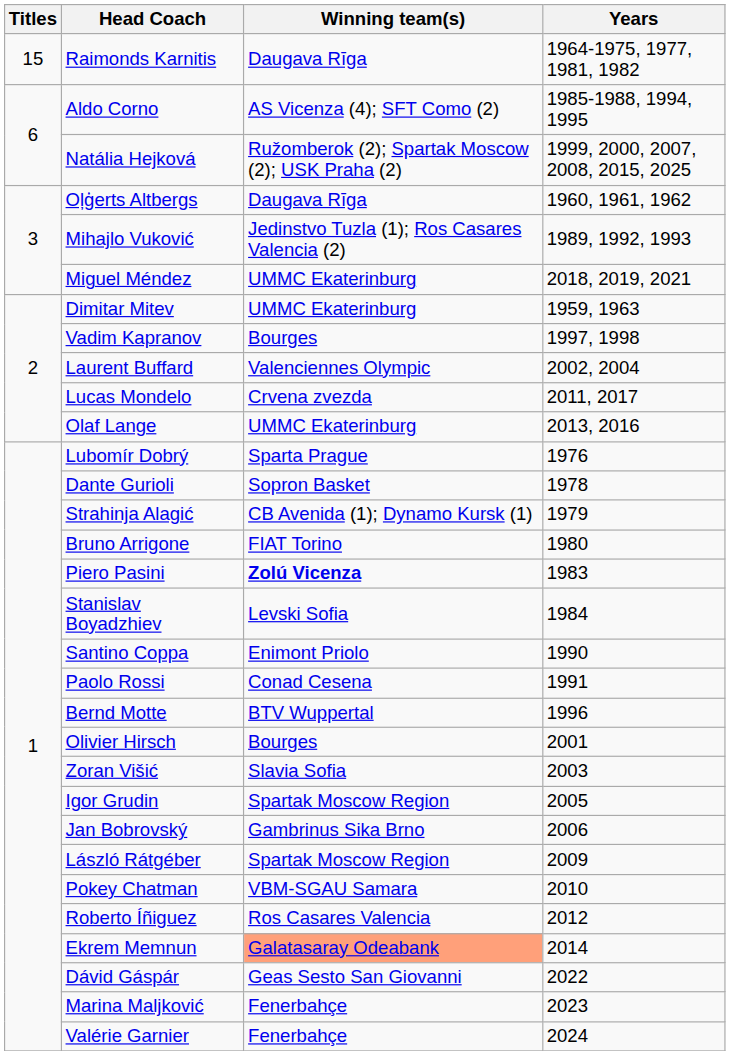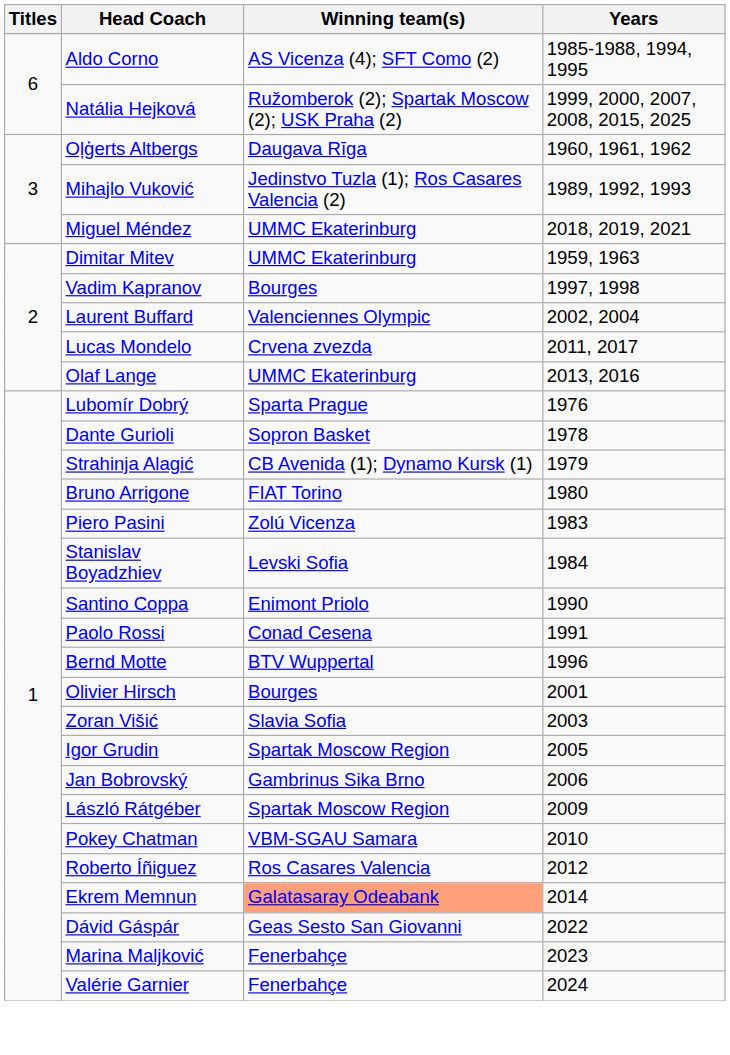 <table class="wikitable sortable">
 <tr>
 <th style="width:20px">Titles</th>
 <th style="width:150px">Head Coach</th>
 <th style="width:250px">Winning team(s)</th>
 <th style="width:150px">Years</th>
-</tr>
-<tr>
-<td style="text-align:center;">15</td>
-<td> <a href='#'>Raimonds Karnitis</a></td>
-<td> <a href='#'>Daugava Rīga</a></td>
-<td>1964-1975, 1977, 1981, 1982</td>
 </tr>
 <tr>
 <td rowspan=2 style="text-align:center;">6</td>
 <td> <a href='#'>Aldo Corno</a></td>
 <td> <a href='#'>AS Vicenza</a> (4);  <a href='#'>SFT Como</a> (2)</td>
 <td>1985-1988, 1994, 1995</td>
 </tr>
 <tr>
 <td> <a href='#'>Natália Hejková</a></td>
 <td> <a href='#'>Ružomberok</a> (2);  <a href='#'>Spartak Moscow</a> (2);  <a href='#'>USK Praha</a> (2)</td>
 <td>1999, 2000, 2007, 2008, 2015, 2025</td>
 </tr>
 <tr>
 <td rowspan=3 style="text-align:center;">3</td>
 <td> <a href='#'>Oļģerts Altbergs</a></td>
 <td> <a href='#'>Daugava Rīga</a></td>
 <td>1960, 1961, 1962</td>
 </tr>
 <tr>
 <td> <a href='#'>Mihajlo Vuković</a></td>
 <td> <a href='#'>Jedinstvo Tuzla</a> (1);  <a href='#'>Ros Casares Valencia</a> (2)</td>
 <td>1989, 1992, 1993</td>
 </tr>
 <tr>
 <td> <a href='#'>Miguel Méndez</a></td>
 <td> <a href='#'>UMMC Ekaterinburg</a></td>
 <td>2018, 2019, 2021</td>
 </tr>
 <tr>
 <td rowspan="5" style="text-align:center;">2</td>
 <td> <a href='#'>Dimitar Mitev</a></td>
 <td> <a href='#'>UMMC Ekaterinburg</a></td>
 <td>1959, 1963</td>
 </tr>
 <tr>
 <td> <a href='#'>Vadim Kapranov</a></td>
 <td> <a href='#'>Bourges</a></td>
 <td>1997, 1998</td>
 </tr>
 <tr>
 <td> <a href='#'>Laurent Buffard</a></td>
 <td> <a href='#'>Valenciennes Olympic</a></td>
 <td>2002, 2004</td>
 </tr>
 <tr>
 <td> <a href='#'>Lucas Mondelo</a></td>
 <td> <a href='#'>Crvena zvezda</a></td>
 <td>2011, 2017</td>
 </tr>
 <tr>
 <td> <a href='#'>Olaf Lange</a></td>
 <td> <a href='#'>UMMC Ekaterinburg</a></td>
 <td>2013, 2016</td>
 </tr>
 <tr>
 <td rowspan="20" style="text-align:center;">1</td>
 <td> <a href='#'>Lubomír Dobrý</a></td>
 <td> <a href='#'>Sparta Prague</a></td>
 <td>1976</td>
 </tr>
 <tr>
 <td> <a href='#'>Dante Gurioli</a></td>
 <td> <a href='#'>Sopron Basket</a></td>
 <td>1978</td>
 </tr>
 <tr>
 <td> <a href='#'>Strahinja Alagić</a></td>
 <td> <a href='#'>CB Avenida</a> (1);  <a href='#'>Dynamo Kursk</a> (1)</td>
 <td>1979</td>
 </tr>
 <tr>
 <td> <a href='#'>Bruno Arrigone</a></td>
 <td> <a href='#'>FIAT Torino</a></td>
 <td>1980</td>
 </tr>
 <tr>
 <td> <a href='#'>Piero Pasini</a></td>
-<td><strong> <a href='#'>Zolú Vicenza</a></strong></td>
+<td> <a href='#'>Zolú Vicenza</a></td>
 <td>1983</td>
 </tr>
 <tr>
 <td> <a href='#'>Stanislav Boyadzhiev</a></td>
 <td> <a href='#'>Levski Sofia</a></td>
 <td>1984</td>
 </tr>
 <tr>
 <td> <a href='#'>Santino Coppa</a></td>
 <td> <a href='#'>Enimont Priolo</a></td>
 <td>1990</td>
 </tr>
 <tr>
 <td> <a href='#'>Paolo Rossi</a></td>
 <td> <a href='#'>Conad Cesena</a></td>
 <td>1991</td>
 </tr>
 <tr>
 <td> <a href='#'>Bernd Motte</a></td>
 <td> <a href='#'>BTV Wuppertal</a></td>
 <td>1996</td>
 </tr>
 <tr>
 <td> <a href='#'>Olivier Hirsch</a></td>
 <td> <a href='#'>Bourges</a></td>
 <td>2001</td>
 </tr>
 <tr>
 <td> <a href='#'>Zoran Višić</a></td>
 <td> <a href='#'>Slavia Sofia</a></td>
 <td>2003</td>
 </tr>
 <tr>
 <td> <a href='#'>Igor Grudin</a></td>
 <td> <a href='#'>Spartak Moscow Region</a></td>
 <td>2005</td>
 </tr>
 <tr>
 <td> <a href='#'>Jan Bobrovský</a></td>
 <td> <a href='#'>Gambrinus Sika Brno</a></td>
 <td>2006</td>
 </tr>
 <tr>
 <td> <a href='#'>László Rátgéber</a></td>
 <td> <a href='#'>Spartak Moscow Region</a></td>
 <td>2009</td>
 </tr>
 <tr>
 <td> <a href='#'>Pokey Chatman</a></td>
 <td> <a href='#'>VBM-SGAU Samara</a></td>
 <td>2010</td>
 </tr>
 <tr>
 <td> <a href='#'>Roberto Íñiguez</a></td>
 <td> <a href='#'>Ros Casares Valencia</a></td>
 <td>2012</td>
 </tr>
 <tr>
 <td> <a href='#'>Ekrem Memnun</a></td>
 <td style="background: lightsalmon;"> <a href='#'>Galatasaray Odeabank</a></td>
 <td>2014</td>
 </tr>
 <tr>
 <td> <a href='#'>Dávid Gáspár</a></td>
 <td> <a href='#'>Geas Sesto San Giovanni</a></td>
 <td>2022</td>
 </tr>
 <tr>
 <td> <a href='#'>Marina Maljković</a></td>
 <td> <a href='#'>Fenerbahçe</a></td>
 <td>2023</td>
 </tr>
 <tr>
 <td> <a href='#'>Valérie Garnier</a></td>
 <td> <a href='#'>Fenerbahçe</a></td>
 <td>2024</td>
 </tr>
 </table>
